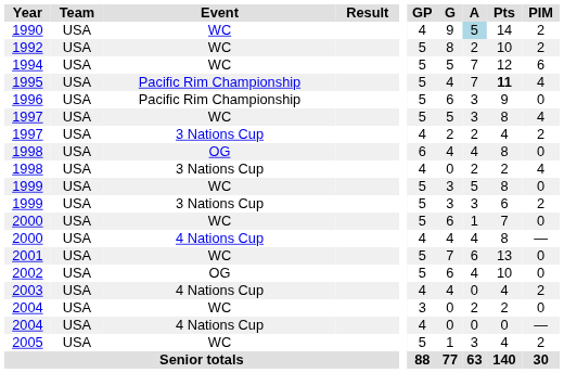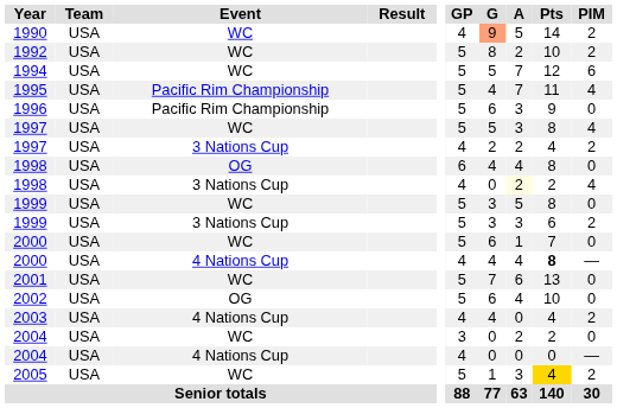 <table border="0" cellpadding="1" cellspacing="0" style="text-align:center; width:40em">
 <tr ALIGN="centre" bgcolor="#e0e0e0">
 <th>Year</th>
 <th>Team</th>
 <th>Event</th>
 <th>Result</th>
 <th rowspan="99" bgcolor="#ffffff"> </th>
 <th>GP</th>
 <th>G</th>
 <th>A</th>
 <th>Pts</th>
 <th>PIM</th>
 </tr>
 <tr>
 <td><a href='#'>1990</a></td>
 <td>USA</td>
 <td><a href='#'>WC</a></td>
 <td></td>
 <td>4</td>
-<td>9</td>
-<td style="background: lightblue;">5</td>
+<td style="background: lightsalmon;">9</td>
+<td>5</td>
 <td>14</td>
 <td>2</td>
 </tr>
 <tr style="background:#f0f0f0;">
 <td><a href='#'>1992</a></td>
 <td>USA</td>
 <td>WC</td>
 <td></td>
 <td>5</td>
 <td>8</td>
 <td>2</td>
 <td>10</td>
 <td>2</td>
 </tr>
 <tr>
 <td><a href='#'>1994</a></td>
 <td>USA</td>
 <td>WC</td>
 <td></td>
 <td>5</td>
 <td>5</td>
 <td>7</td>
 <td>12</td>
 <td>6</td>
 </tr>
 <tr style="background:#f0f0f0;">
 <td><a href='#'>1995</a></td>
 <td>USA</td>
 <td><a href='#'>Pacific Rim Championship</a></td>
 <td></td>
 <td>5</td>
 <td>4</td>
 <td>7</td>
-<td><strong>11</strong></td>
+<td>11</td>
 <td>4</td>
 </tr>
 <tr>
 <td><a href='#'>1996</a></td>
 <td>USA</td>
 <td>Pacific Rim Championship</td>
 <td></td>
 <td>5</td>
 <td>6</td>
 <td>3</td>
 <td>9</td>
 <td>0</td>
 </tr>
 <tr style="background:#f0f0f0;">
 <td><a href='#'>1997</a></td>
 <td>USA</td>
 <td>WC</td>
 <td></td>
 <td>5</td>
 <td>5</td>
 <td>3</td>
 <td>8</td>
 <td>4</td>
 </tr>
 <tr>
 <td><a href='#'>1997</a></td>
 <td>USA</td>
 <td><a href='#'>3 Nations Cup</a></td>
 <td></td>
 <td>4</td>
 <td>2</td>
 <td>2</td>
 <td>4</td>
 <td>2</td>
 </tr>
 <tr style="background:#f0f0f0;">
 <td><a href='#'>1998</a></td>
 <td>USA</td>
 <td><a href='#'>OG</a></td>
 <td></td>
 <td>6</td>
 <td>4</td>
 <td>4</td>
 <td>8</td>
 <td>0</td>
 </tr>
 <tr>
 <td><a href='#'>1998</a></td>
 <td>USA</td>
 <td>3 Nations Cup</td>
 <td></td>
 <td>4</td>
 <td>0</td>
-<td>2</td>
+<td style="background: lightyellow;">2</td>
 <td>2</td>
 <td>4</td>
 </tr>
 <tr style="background:#f0f0f0;">
 <td><a href='#'>1999</a></td>
 <td>USA</td>
 <td>WC</td>
 <td></td>
 <td>5</td>
 <td>3</td>
 <td>5</td>
 <td>8</td>
 <td>0</td>
 </tr>
 <tr>
 <td><a href='#'>1999</a></td>
 <td>USA</td>
 <td>3 Nations Cup</td>
 <td></td>
 <td>5</td>
 <td>3</td>
 <td>3</td>
 <td>6</td>
 <td>2</td>
 </tr>
 <tr style="background:#f0f0f0;">
 <td><a href='#'>2000</a></td>
 <td>USA</td>
 <td>WC</td>
 <td></td>
 <td>5</td>
 <td>6</td>
 <td>1</td>
 <td>7</td>
 <td>0</td>
 </tr>
 <tr>
 <td><a href='#'>2000</a></td>
 <td>USA</td>
 <td><a href='#'>4 Nations Cup</a></td>
 <td></td>
 <td>4</td>
 <td>4</td>
 <td>4</td>
-<td>8</td>
+<td><strong>8</strong></td>
 <td>—</td>
 </tr>
 <tr style="background:#f0f0f0;">
 <td><a href='#'>2001</a></td>
 <td>USA</td>
 <td>WC</td>
 <td></td>
 <td>5</td>
 <td>7</td>
 <td>6</td>
 <td>13</td>
 <td>0</td>
 </tr>
 <tr>
 <td><a href='#'>2002</a></td>
 <td>USA</td>
 <td>OG</td>
 <td></td>
 <td>5</td>
 <td>6</td>
 <td>4</td>
 <td>10</td>
 <td>0</td>
 </tr>
 <tr style="background:#f0f0f0;">
 <td><a href='#'>2003</a></td>
 <td>USA</td>
 <td>4 Nations Cup</td>
 <td></td>
 <td>4</td>
 <td>4</td>
 <td>0</td>
 <td>4</td>
 <td>2</td>
 </tr>
 <tr>
 <td><a href='#'>2004</a></td>
 <td>USA</td>
 <td>WC</td>
 <td></td>
 <td>3</td>
 <td>0</td>
 <td>2</td>
 <td>2</td>
 <td>0</td>
 </tr>
 <tr style="background:#f0f0f0;">
 <td><a href='#'>2004</a></td>
 <td>USA</td>
 <td>4 Nations Cup</td>
 <td></td>
 <td>4</td>
 <td>0</td>
 <td>0</td>
 <td>0</td>
 <td>—</td>
 </tr>
 <tr>
 <td><a href='#'>2005</a></td>
 <td>USA</td>
 <td>WC</td>
 <td></td>
 <td>5</td>
 <td>1</td>
 <td>3</td>
-<td>4</td>
+<td style="background: gold;">4</td>
 <td>2</td>
 </tr>
 <tr style="background:#e0e0e0;">
 <th colspan=4>Senior totals</th>
 <th>88</th>
 <th>77</th>
 <th>63</th>
 <th>140</th>
 <th>30</th>
 </tr>
 </table>
